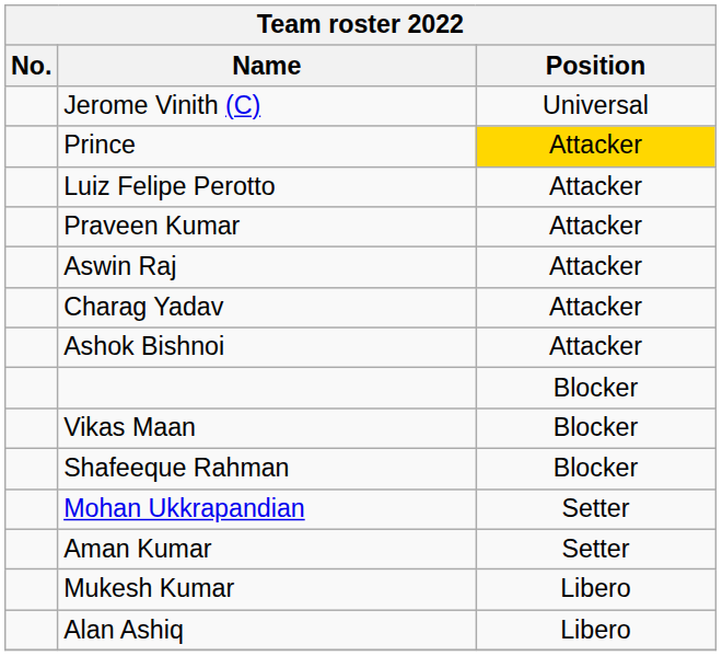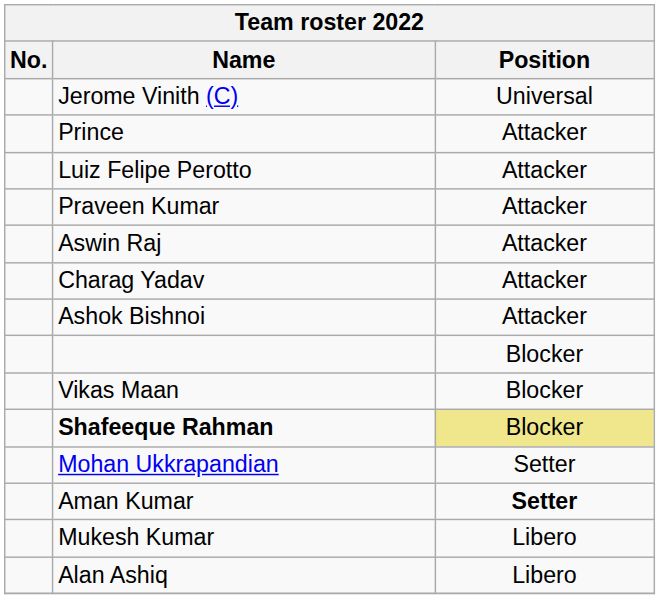 <table class="wikitable sortable" style="font-size:100%; text-align:center;">
 <tr>
 <th colspan=6>Team roster 2022</th>
 </tr>
 <tr>
 <th style=" text-align:center;">No.</th>
 <th style=" text-align:center; width:16em">Name</th>
 <th style=" text-align:center; width:9em">Position</th>
 </tr>
 <tr>
 <td></td>
 <td align=left> Jerome Vinith <a href='#'>(C)</a></td>
 <td>Universal</td>
 </tr>
 <tr>
 <td></td>
 <td align=left> Prince</td>
-<td style="background: gold;">Attacker</td>
+<td>Attacker</td>
 </tr>
 <tr>
 <td></td>
 <td align=left> Luiz Felipe Perotto</td>
 <td>Attacker</td>
 </tr>
 <tr>
 <td></td>
 <td align=left> Praveen Kumar</td>
 <td>Attacker</td>
 </tr>
 <tr>
 <td></td>
 <td align=left> Aswin Raj</td>
 <td>Attacker</td>
 </tr>
 <tr>
 <td></td>
 <td align=left> Charag Yadav</td>
 <td>Attacker</td>
 </tr>
 <tr>
 <td></td>
 <td align=left> Ashok Bishnoi</td>
 <td>Attacker</td>
 </tr>
 <tr>
 <td></td>
 <td align=left> </td>
 <td>Blocker</td>
 </tr>
 <tr>
 <td></td>
 <td align=left> Vikas Maan</td>
 <td>Blocker</td>
 </tr>
 <tr>
 <td></td>
-<td align=left> Shafeeque Rahman</td>
-<td>Blocker</td>
+<td align=left><strong> Shafeeque Rahman</strong></td>
+<td style="background: khaki;">Blocker</td>
 </tr>
 <tr>
 <td></td>
 <td align=left> <a href='#'>Mohan Ukkrapandian</a></td>
 <td>Setter</td>
 </tr>
 <tr>
 <td></td>
 <td align=left> Aman Kumar</td>
-<td>Setter</td>
+<td><strong>Setter</strong></td>
 </tr>
 <tr>
 <td></td>
 <td align=left> Mukesh Kumar</td>
 <td>Libero</td>
 </tr>
 <tr>
 <td></td>
 <td align=left> Alan Ashiq</td>
 <td>Libero</td>
 </tr>
 <tr>
 </tr>
 </table>
